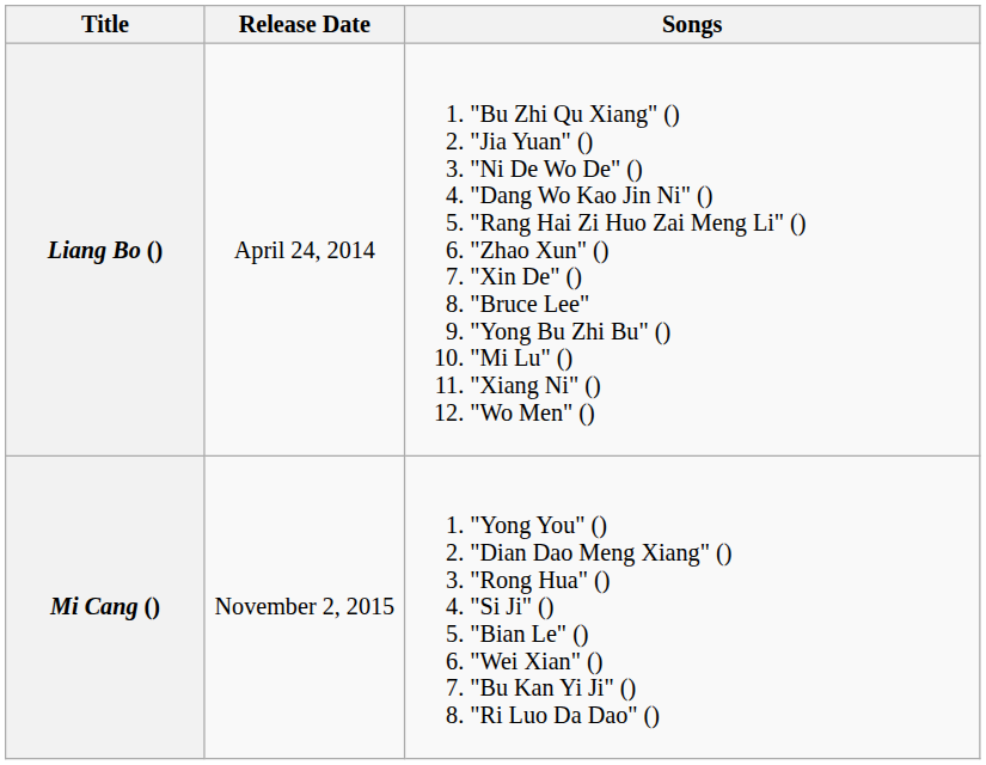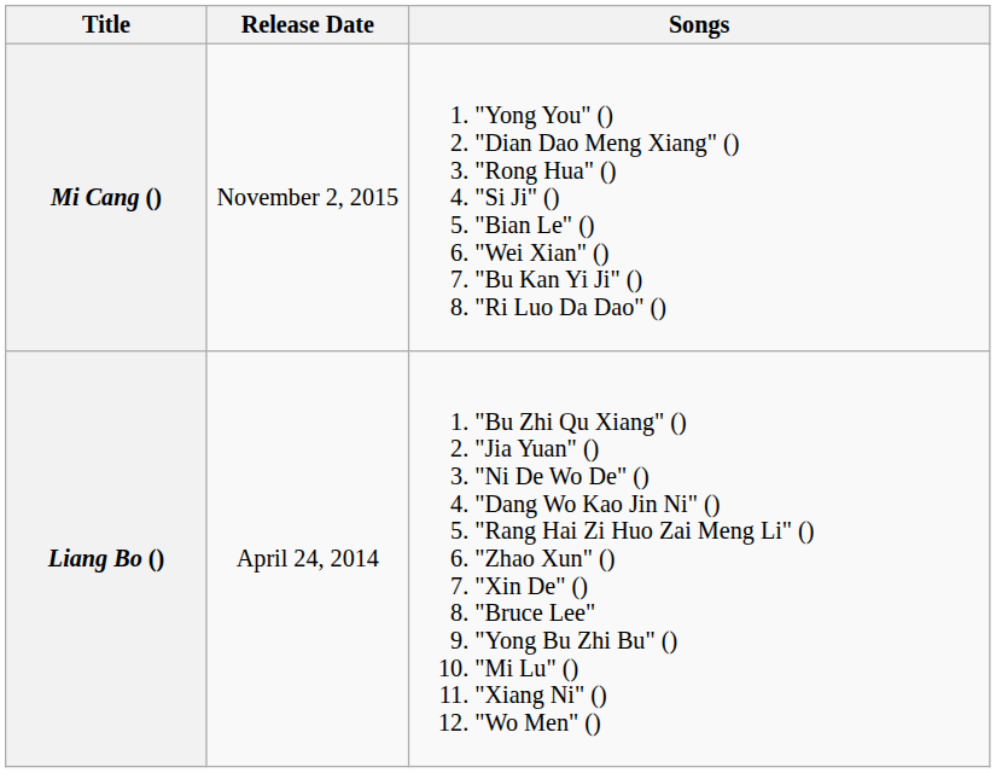 <table class="wikitable">
 <tr>
 <th align="center" width="125px">Title</th>
 <th align="center" width="125px">Release Date</th>
 <th align="left" width="375px">Songs</th>
 </tr>
 <tr>
+<th align="center"><em>Mi Cang</em> ()</th>
+<td align="center">November 2, 2015</td>
+<td><br><ol><li>"Yong You" ()</li><li>"Dian Dao Meng Xiang" ()</li><li>"Rong Hua" ()</li><li>"Si Ji" ()</li><li>"Bian Le" ()</li><li>"Wei Xian" ()</li><li>"Bu Kan Yi Ji" ()</li><li>"Ri Luo Da Dao" ()</li></ol></td>
+</tr>
+<tr>
 <th align="center"><em>Liang Bo</em> ()</th>
 <td align="center">April 24, 2014</td>
 <td><br><ol><li>"Bu Zhi Qu Xiang" ()</li><li>"Jia Yuan" ()</li><li>"Ni De Wo De" ()</li><li>"Dang Wo Kao Jin Ni" ()</li><li>"Rang Hai Zi Huo Zai Meng Li" ()</li><li>"Zhao Xun" ()</li><li>"Xin De" ()</li><li>"Bruce Lee"</li><li>"Yong Bu Zhi Bu" ()</li><li>"Mi Lu" ()</li><li>"Xiang Ni" ()</li><li>"Wo Men" ()</li></ol></td>
 </tr>
-<tr>
-<th align="center"><em>Mi Cang</em> ()</th>
-<td align="center">November 2, 2015</td>
-<td><br><ol><li>"Yong You" ()</li><li>"Dian Dao Meng Xiang" ()</li><li>"Rong Hua" ()</li><li>"Si Ji" ()</li><li>"Bian Le" ()</li><li>"Wei Xian" ()</li><li>"Bu Kan Yi Ji" ()</li><li>"Ri Luo Da Dao" ()</li></ol></td>
-</tr>
 </table>
